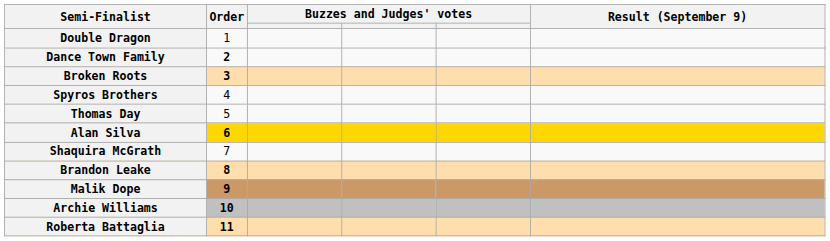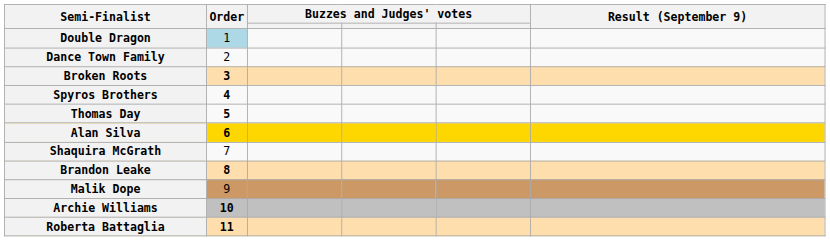 <table class="wikitable plainrowheaders sortable" style="text-align:center;">
 <tr>
 <th scope="col" rowspan="2" class="unsortable" style="width:17em;">Semi-Finalist</th>
 <th scope="col" rowspan="2" style="width:1em;">Order</th>
 <th scope="col" colspan="3" class="unsortable" style="width:24em;">Buzzes and Judges' votes</th>
 <th scope="col" rowspan="2" style="width:25em;">Result (September 9)</th>
 </tr>
 <tr>
 <th scope="col" class="unsortable" style="width:6em;"></th>
 <th scope="col" class="unsortable" style="width:6em;"></th>
 <th scope="col" class="unsortable" style="width:6em;"></th>
 </tr>
 <tr>
 <th scope="row">Double Dragon</th>
-<td>1</td>
+<td style="background: lightblue;">1</td>
 <td style="text-align:center;"></td>
 <td style="text-align:center;"></td>
 <td style="text-align:center;"></td>
 <td></td>
 </tr>
 <tr>
 <th scope="row">Dance Town Family</th>
-<td><strong>2</strong></td>
+<td>2</td>
 <td style="text-align:center;"></td>
 <td style="text-align:center;"></td>
 <td style="text-align:center;"></td>
 <td></td>
 </tr>
 <tr style="background:NavajoWhite">
 <th scope="row"><strong>Broken Roots</strong></th>
 <td><strong>3</strong></td>
 <td style="text-align:center;"></td>
 <td style="text-align:center;"></td>
 <td style="text-align:center;"></td>
 <td><strong></strong></td>
 </tr>
 <tr>
 <th scope="row">Spyros Brothers</th>
-<td>4</td>
+<td><strong>4</strong></td>
 <td style="text-align:center;"></td>
 <td style="text-align:center;"></td>
 <td style="text-align:center;"></td>
 <td></td>
 </tr>
 <tr>
 <th scope="row">Thomas Day</th>
-<td>5</td>
+<td><strong>5</strong></td>
 <td style="text-align:center;"></td>
 <td style="text-align:center;"></td>
 <td style="text-align:center;"></td>
 <td></td>
 </tr>
 <tr style="background:gold">
 <th scope="row"><strong>Alan Silva</strong></th>
 <td><strong>6</strong></td>
 <td style="text-align:center;"></td>
 <td style="text-align:center;"></td>
 <td style="text-align:center;"></td>
 <td><strong></strong></td>
 </tr>
 <tr>
 <th scope="row">Shaquira McGrath</th>
 <td>7</td>
 <td style="text-align:center;"></td>
 <td style="text-align:center;"></td>
 <td style="text-align:center;"></td>
 <td></td>
 </tr>
 <tr style="background:NavajoWhite">
 <th scope="row"><strong>Brandon Leake</strong></th>
 <td><strong>8</strong></td>
 <td style="text-align:center;"></td>
 <td style="text-align:center;"></td>
 <td style="text-align:center;"></td>
 <td><strong></strong></td>
 </tr>
 <tr style="background:#c96">
 <th scope="row">Malik Dope</th>
-<td><strong>9</strong></td>
+<td>9</td>
 <td style="text-align:center;"></td>
 <td style="text-align:center;"></td>
 <td style="text-align:center;"></td>
 <td></td>
 </tr>
 <tr style="background:silver">
 <th scope="row"><strong>Archie Williams</strong></th>
 <td><strong>10</strong></td>
 <td style="text-align:center;"></td>
 <td style="text-align:center;"></td>
 <td style="text-align:center;"></td>
 <td><strong></strong></td>
 </tr>
 <tr style="background:NavajoWhite">
 <th scope="row"><strong>Roberta Battaglia</strong></th>
 <td><strong>11</strong></td>
 <td style="text-align:center;"></td>
 <td style="text-align:center;"></td>
 <td style="text-align:center;"></td>
 <td><strong></strong></td>
 </tr>
 </table>
